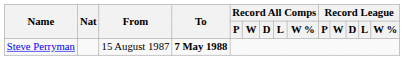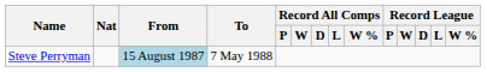 <table style="text-align: center" class="wikitable">
 <tr>
 <th rowspan="2">Name</th>
 <th rowspan="2">Nat</th>
 <th rowspan="2">From</th>
 <th rowspan="2">To</th>
 <th colspan="5">Record All Comps</th>
 <th colspan="5">Record League</th>
 </tr>
 <tr>
 <th>P</th>
 <th>W</th>
 <th>D</th>
 <th>L</th>
 <th>W %</th>
 <th>P</th>
 <th>W</th>
 <th>D</th>
 <th>L</th>
 <th>W %</th>
 </tr>
 <tr>
 <td style="text-align:left;"><a href='#'>Steve Perryman</a></td>
 <td></td>
-<td style="text-align:left;">15 August 1987</td>
-<td style="text-align:left;"><strong>7 May 1988<br> </strong></td>
+<td style="background: lightblue; text-align:left;">15 August 1987</td>
+<td style="text-align:left;">7 May 1988<br> </td>
 </tr>
 </table>
